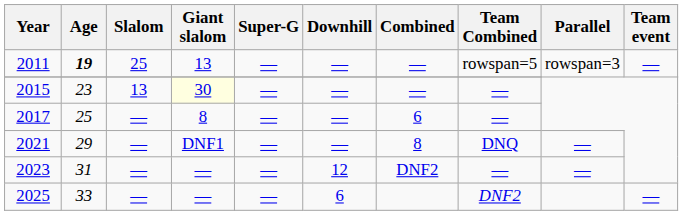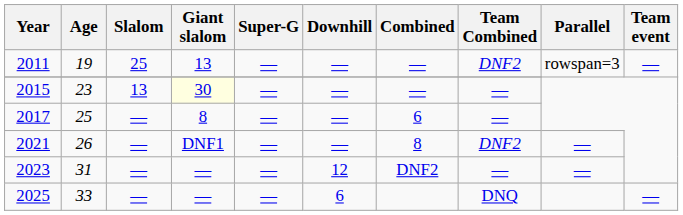 <table class=wikitable style="text-align:center">
 <tr>
 <th>  Year  </th>
 <th> Age </th>
 <th> Slalom </th>
 <th> Giant <br> slalom </th>
 <th>Super-G</th>
 <th>Downhill</th>
 <th>Combined</th>
 <th>Team<br>Combined</th>
 <th>Parallel</th>
 <th>Team<br> event </th>
 </tr>
 <tr>
 <td><a href='#'>2011</a></td>
-<td><strong><em>19</em></strong></td>
+<td><em>19</em></td>
 <td><a href='#'>25</a></td>
 <td><a href='#'>13</a></td>
 <td><a href='#'>—</a></td>
 <td><a href='#'>—</a></td>
 <td><a href='#'>—</a></td>
-<td>rowspan=5</td>
+<td><a href='#'><em>DNF2</em></a></td>
 <td>rowspan=3</td>
 <td><a href='#'>—</a></td>
 </tr>
 <tr>
 </tr>
 <tr>
 <td><a href='#'>2015</a></td>
 <td><em>23</em></td>
 <td><a href='#'>13</a></td>
 <td style="background: lightyellow;"><a href='#'>30</a></td>
 <td><a href='#'>—</a></td>
 <td><a href='#'>—</a></td>
 <td><a href='#'>—</a></td>
 <td><a href='#'>—</a></td>
 </tr>
 <tr>
 <td><a href='#'>2017</a></td>
 <td><em>25</em></td>
 <td><a href='#'>—</a></td>
 <td><a href='#'>8</a></td>
 <td><a href='#'>—</a></td>
 <td><a href='#'>—</a></td>
 <td><a href='#'>6</a></td>
 <td><a href='#'>—</a></td>
 </tr>
 <tr>
 <td><a href='#'>2021</a></td>
-<td><em>29</em></td>
+<td><em>26</em></td>
 <td><a href='#'>—</a></td>
 <td><a href='#'>DNF1</a></td>
 <td><a href='#'>—</a></td>
 <td><a href='#'>—</a></td>
 <td><a href='#'>8</a></td>
-<td><a href='#'>DNQ</a></td>
+<td><a href='#'><em>DNF2</em></a></td>
 <td><a href='#'>—</a></td>
 </tr>
 <tr>
 <td><a href='#'>2023</a></td>
 <td><em>31</em></td>
 <td><a href='#'>—</a></td>
 <td><a href='#'>—</a></td>
 <td><a href='#'>—</a></td>
 <td><a href='#'>12</a></td>
 <td><a href='#'>DNF2</a></td>
 <td><a href='#'>—</a></td>
 <td><a href='#'>—</a></td>
 </tr>
 <tr>
 <td><a href='#'>2025</a></td>
 <td><em>33</em></td>
 <td><a href='#'>—</a></td>
 <td><a href='#'>—</a></td>
 <td><a href='#'>—</a></td>
 <td><a href='#'>6</a></td>
 <td></td>
-<td><a href='#'><em>DNF2</em></a></td>
+<td><a href='#'>DNQ</a></td>
 <td></td>
 <td><a href='#'>—</a></td>
 </tr>
 </table>
